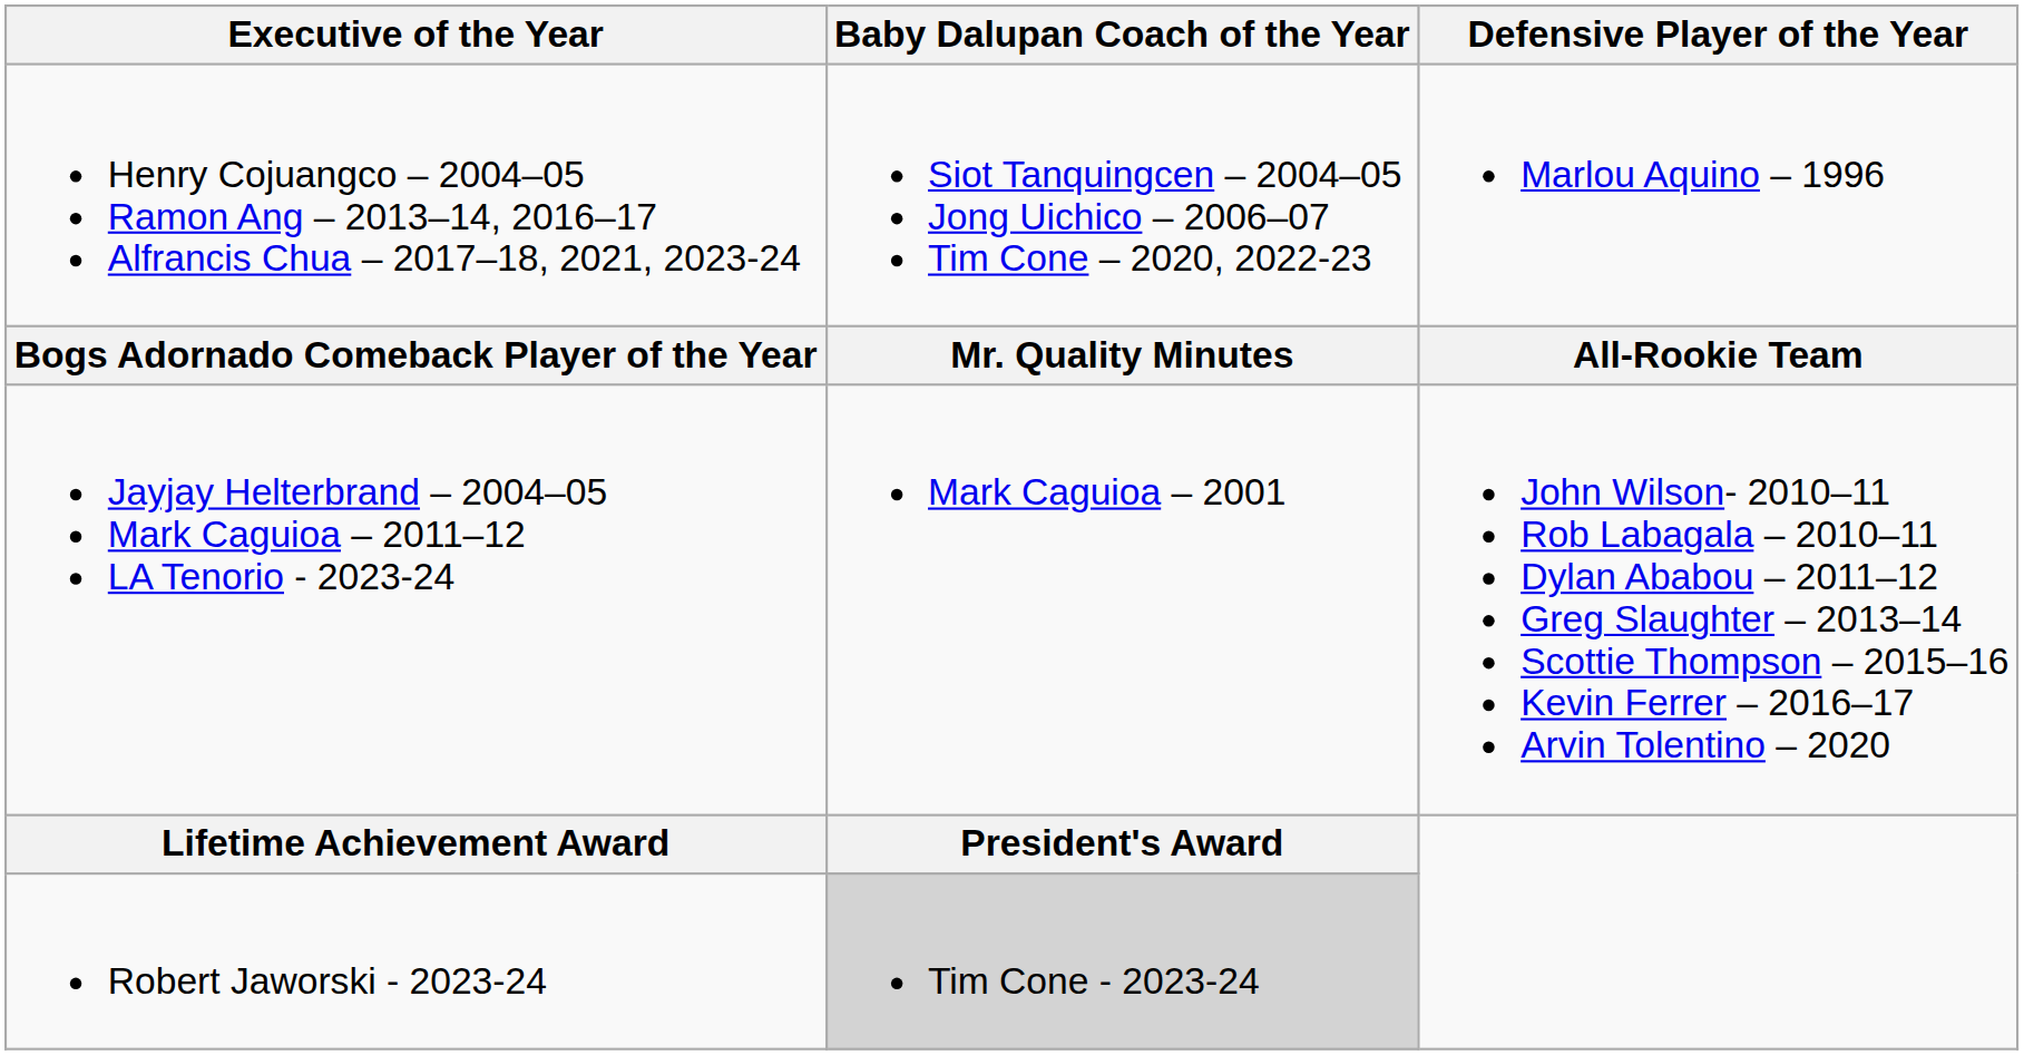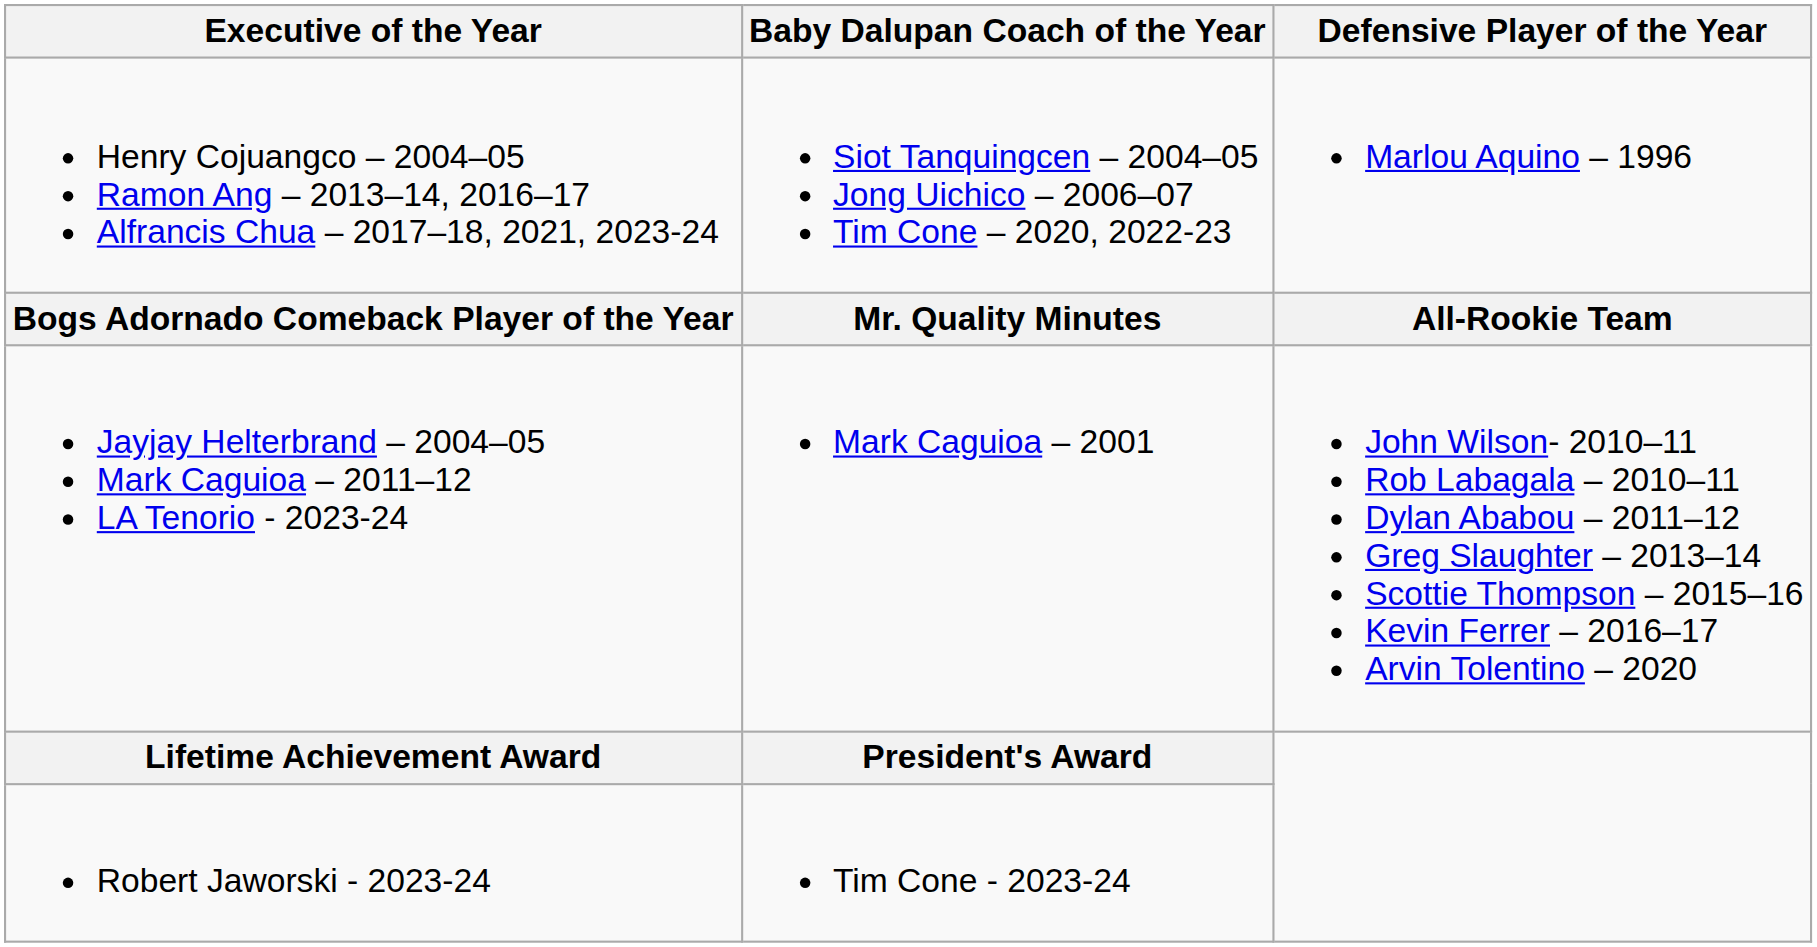 <table class=wikitable>
 <tr>
 <th>Executive of the Year</th>
 <th>Baby Dalupan Coach of the Year</th>
 <th>Defensive Player of the Year</th>
 </tr>
 <tr>
 <td valign="top"><br><ul><li>Henry Cojuangco – 2004–05</li><li><a href='#'>Ramon Ang</a> – 2013–14, 2016–17</li><li><a href='#'>Alfrancis Chua</a> – 2017–18, 2021, 2023-24</li></ul></td>
 <td valign="top"><br><ul><li><a href='#'>Siot Tanquingcen</a> – 2004–05</li><li><a href='#'>Jong Uichico</a> – 2006–07</li><li><a href='#'>Tim Cone</a> – 2020, 2022-23</li></ul></td>
 <td valign="top"><br><ul><li><a href='#'>Marlou Aquino</a> – 1996</li></ul></td>
 </tr>
 <tr>
 <th>Bogs Adornado Comeback Player of the Year</th>
 <th>Mr. Quality Minutes</th>
 <th>All-Rookie Team</th>
 </tr>
 <tr>
 <td valign="top"><br><ul><li><a href='#'>Jayjay Helterbrand</a> – 2004–05</li><li><a href='#'>Mark Caguioa</a> – 2011–12</li><li><a href='#'>LA Tenorio</a> - 2023-24</li></ul></td>
 <td valign="top"><br><ul><li><a href='#'>Mark Caguioa</a> – 2001</li></ul></td>
 <td valign="top"><br><ul><li><a href='#'>John Wilson</a>- 2010–11</li><li><a href='#'>Rob Labagala</a> – 2010–11</li><li><a href='#'>Dylan Ababou</a> – 2011–12</li><li><a href='#'>Greg Slaughter</a> – 2013–14</li><li><a href='#'>Scottie Thompson</a> – 2015–16</li><li><a href='#'>Kevin Ferrer</a> – 2016–17</li><li><a href='#'>Arvin Tolentino</a> – 2020</li></ul></td>
 </tr>
 <tr>
 <th>Lifetime Achievement Award</th>
 <th>President's Award</th>
 </tr>
 <tr>
 <td valign="top"><br><ul><li>Robert Jaworski - 2023-24</li></ul></td>
-<td valign="top" style="background: lightgrey;"><br><ul><li>Tim Cone - 2023-24</li></ul></td>
+<td valign="top"><br><ul><li>Tim Cone - 2023-24</li></ul></td>
 </tr>
 </table>
